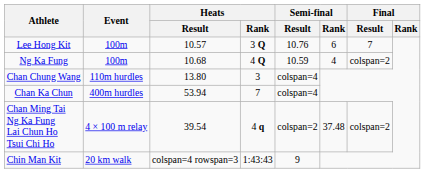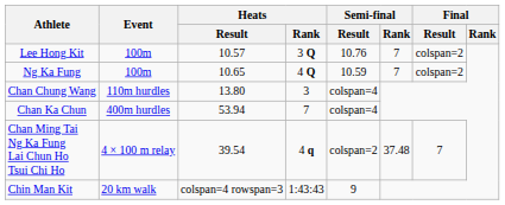 <table class=wikitable style="text-align: center; font-size:90%">
 <tr>
 <th rowspan=2>Athlete</th>
 <th rowspan=2>Event</th>
 <th colspan="2">Heats</th>
 <th colspan="2">Semi-final</th>
 <th colspan="2">Final</th>
 </tr>
 <tr>
 <th>Result</th>
 <th>Rank</th>
 <th>Result</th>
 <th>Rank</th>
 <th>Result</th>
 <th>Rank</th>
 </tr>
 <tr>
 <td><a href='#'>Lee Hong Kit</a></td>
 <td><a href='#'>100m</a></td>
 <td>10.57</td>
 <td>3 <strong>Q</strong></td>
 <td>10.76</td>
-<td>6</td>
 <td>7</td>
+<td>colspan=2 </td>
 </tr>
 <tr>
 <td><a href='#'>Ng Ka Fung</a></td>
 <td><a href='#'>100m</a></td>
-<td>10.68</td>
+<td>10.65</td>
 <td>4 <strong>Q</strong></td>
 <td>10.59</td>
-<td>4</td>
+<td>7</td>
 <td>colspan=2 </td>
 </tr>
 <tr>
 <td><a href='#'>Chan Chung Wang</a></td>
 <td><a href='#'>110m hurdles</a></td>
 <td>13.80</td>
 <td>3</td>
 <td>colspan=4 </td>
 </tr>
 <tr>
 <td><a href='#'>Chan Ka Chun</a></td>
 <td><a href='#'>400m hurdles</a></td>
 <td>53.94</td>
 <td>7</td>
 <td>colspan=4 </td>
 </tr>
 <tr>
 <td align=left><a href='#'>Chan Ming Tai</a><br><a href='#'>Ng Ka Fung</a><br><a href='#'>Lai Chun Ho</a><br><a href='#'>Tsui Chi Ho</a></td>
 <td align=left><a href='#'>4 × 100 m relay</a></td>
 <td>39.54</td>
 <td>4 <strong>q</strong></td>
 <td>colspan=2 </td>
 <td>37.48</td>
-<td>colspan=2 </td>
+<td>7</td>
 </tr>
 <tr>
 <td align=left><a href='#'>Chin Man Kit</a></td>
 <td align=left rowspan=3><a href='#'>20 km walk</a></td>
 <td>colspan=4 rowspan=3 </td>
 <td>1:43:43</td>
 <td>9</td>
 </tr>
 </table>
